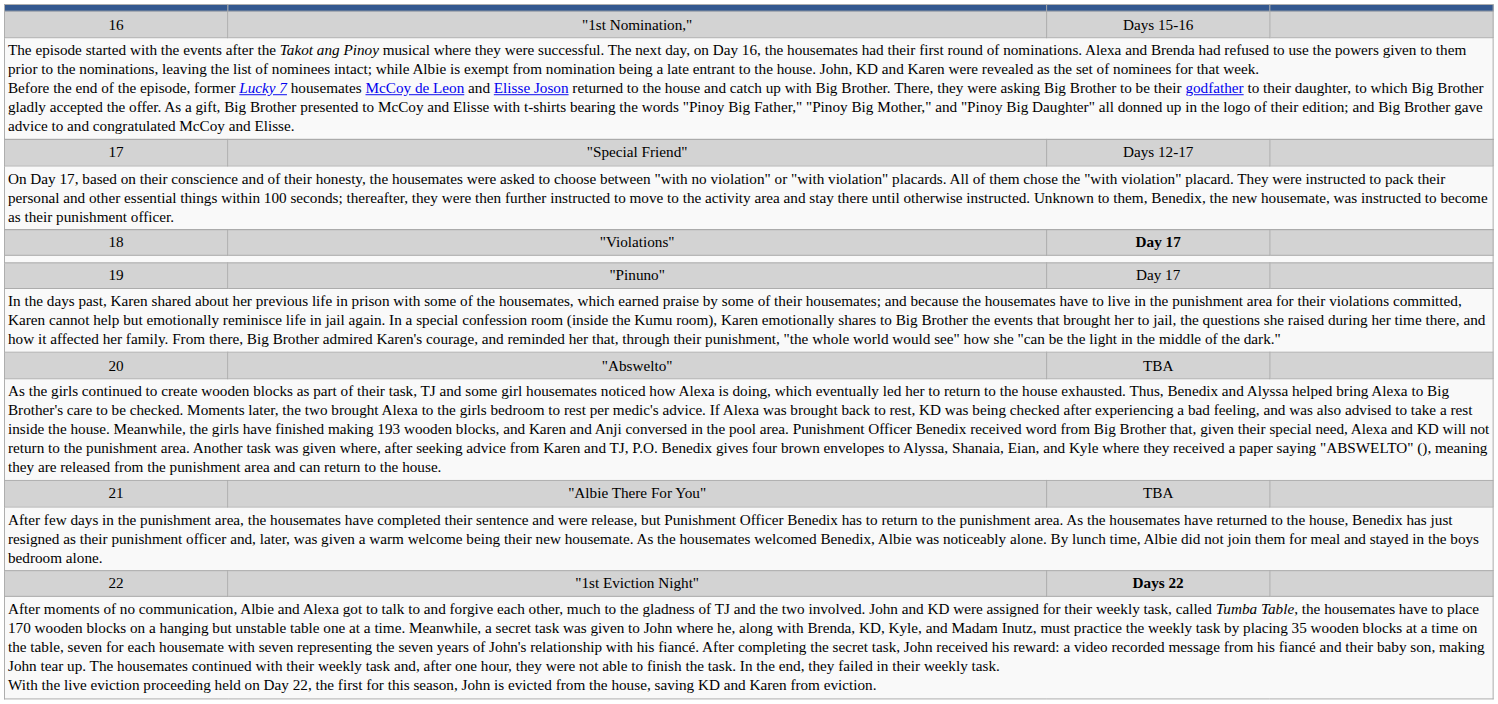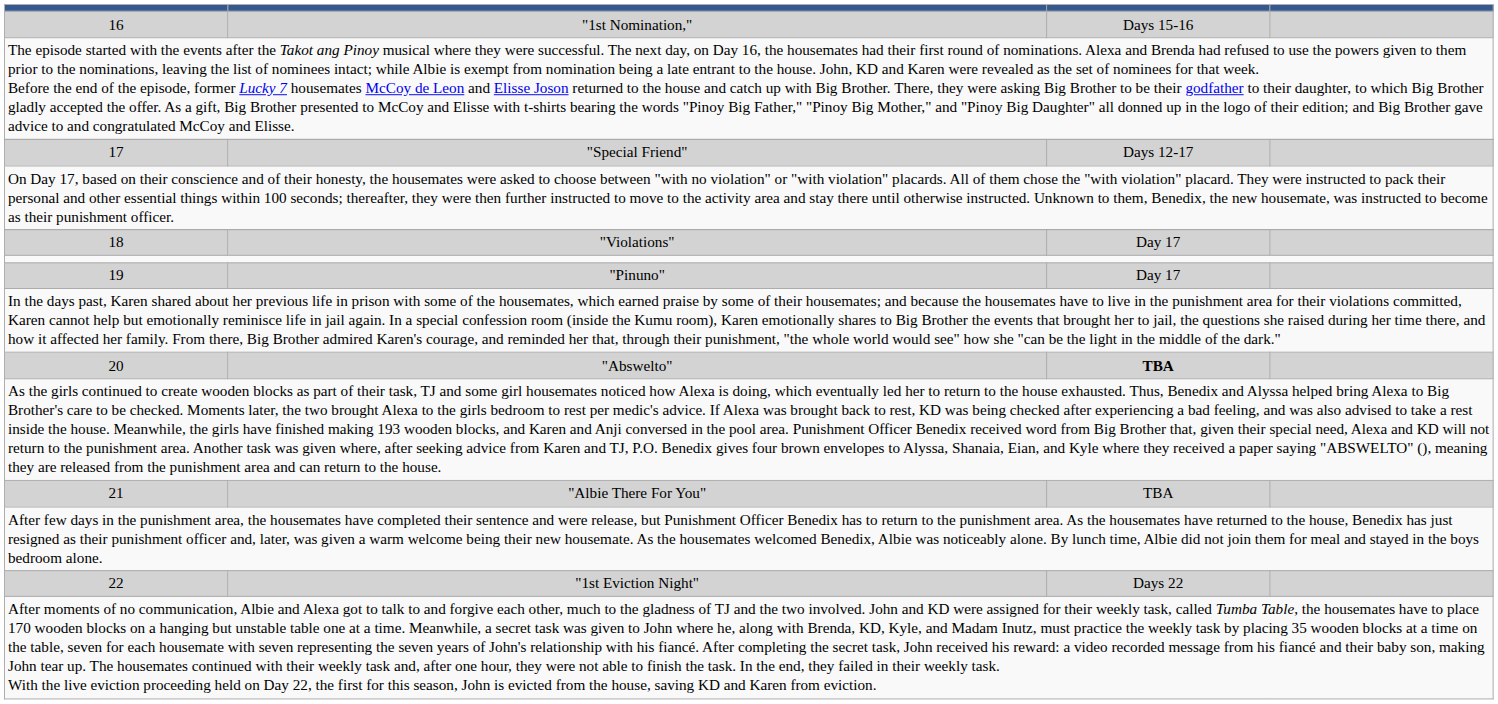 <table class="wikitable sortable" style="font-size:100%; line-height:20px; text-align:center">
 <tr>
 <th width="15%" style="background:#34588F"></th>
 <th width="55%" style="background:#34588F"></th>
 <th width="15%" style="background:#34588F"></th>
 <th width="15%" style="background:#34588F"></th>
 </tr>
 <tr style="background:lightgrey;">
 <td>16</td>
 <td>"1st Nomination,"</td>
 <td>Days 15-16</td>
 <td></td>
 </tr>
 <tr>
 <td colspan="4" align="left">The episode started with the events after the <em>Takot ang Pinoy</em> musical where they were successful. The next day, on Day 16, the housemates had their first round of nominations. Alexa and Brenda had refused to use the powers given to them prior to the nominations, leaving the list of nominees intact; while Albie is exempt from nomination being a late entrant to the house. John, KD and Karen were revealed as the set of nominees for that week.<br>Before the end of the episode, former <em><a href='#'>Lucky 7</a></em> housemates <a href='#'>McCoy de Leon</a> and <a href='#'>Elisse Joson</a> returned to the house and catch up with Big Brother. There, they were asking Big Brother to be their <a href='#'>godfather</a> to their daughter, to which Big Brother gladly accepted the offer. As a gift, Big Brother presented to McCoy and Elisse with t-shirts bearing the words "Pinoy Big Father," "Pinoy Big Mother," and "Pinoy Big Daughter" all donned up in the logo of their edition; and Big Brother gave advice to and congratulated McCoy and Elisse.</td>
 </tr>
 <tr>
 </tr>
 <tr style="background:lightgrey;">
 <td>17</td>
 <td>"Special Friend"</td>
 <td>Days 12-17</td>
 <td></td>
 </tr>
 <tr>
 <td colspan="4" align="left">On Day 17, based on their conscience and of their honesty, the housemates were asked to choose between "with no violation" or "with violation" placards. All of them chose the "with violation" placard. They were instructed to pack their personal and other essential things within 100 seconds; thereafter, they were then further instructed to move to the activity area and stay there until otherwise instructed. Unknown to them, Benedix, the new housemate, was instructed to become as their punishment officer.</td>
 </tr>
 <tr>
 </tr>
 <tr style="background:lightgrey;">
 <td>18</td>
 <td>"Violations"</td>
-<td><strong>Day 17</strong></td>
+<td>Day 17</td>
 <td></td>
 </tr>
 <tr>
 <td colspan="4" align="left"></td>
 </tr>
 <tr style="background:lightgrey;">
 <td>19</td>
 <td>"Pinuno"</td>
 <td>Day 17</td>
 <td></td>
 </tr>
 <tr>
 <td colspan="4" align="left">In the days past, Karen shared about her previous life in prison with some of the housemates, which earned praise by some of their housemates; and because the housemates have to live in the punishment area for their violations committed, Karen cannot help but emotionally reminisce life in jail again. In a special confession room (inside the Kumu room), Karen emotionally shares to Big Brother the events that brought her to jail, the questions she raised during her time there, and how it affected her family. From there, Big Brother admired Karen's courage, and reminded her that, through their punishment, "the whole world would see" how she "can be the light in the middle of the dark."</td>
 </tr>
 <tr style="background:lightgrey;">
 <td>20</td>
 <td>"Abswelto"</td>
-<td>TBA</td>
+<td><strong>TBA</strong></td>
 <td></td>
 </tr>
 <tr>
 <td colspan="4" align="left">As the girls continued to create wooden blocks as part of their task, TJ and some girl housemates noticed how Alexa is doing, which eventually led her to return to the house exhausted. Thus, Benedix and Alyssa helped bring Alexa to  Big Brother's care to be checked. Moments later, the two brought Alexa to the girls bedroom to rest per medic's advice. If Alexa was brought back to rest, KD was being checked after experiencing a bad feeling, and was also advised to take a rest inside the house. Meanwhile, the girls have finished making 193 wooden blocks, and Karen and Anji conversed in the pool area. Punishment Officer Benedix received word from Big Brother that, given their special need, Alexa and KD will not return to the punishment area. Another task was given where, after seeking advice from Karen and TJ, P.O. Benedix gives four brown envelopes to Alyssa, Shanaia, Eian, and Kyle where they received a paper saying "ABSWELTO" (), meaning they are released from the punishment area and can return to the house.</td>
 </tr>
 <tr style="background:lightgrey;">
 <td>21</td>
 <td>"Albie There For You"</td>
 <td>TBA</td>
 <td></td>
 </tr>
 <tr>
 <td colspan="4" align="left">After few days in the punishment area, the housemates have completed their sentence and were release, but Punishment Officer Benedix has to return to the punishment area. As the housemates have returned to the house, Benedix has just resigned as their punishment officer and, later, was given a warm welcome being their new housemate. As the housemates welcomed Benedix, Albie was noticeably alone. By lunch time, Albie did not join them for meal and stayed in the boys bedroom alone.</td>
 </tr>
 <tr style="background:lightgrey;">
 <td>22</td>
 <td>"1st Eviction Night"</td>
-<td><strong>Days 22</strong></td>
+<td>Days 22</td>
 <td></td>
 </tr>
 <tr>
 <td colspan="4" align="left">After moments of no communication, Albie and Alexa got to talk to and forgive each other, much to the gladness of TJ and the two involved. John and KD were assigned for their weekly task, called <em>Tumba Table</em>, the housemates have to place 170 wooden blocks on a hanging but unstable table one at a time. Meanwhile, a secret task was given to John where he, along with Brenda, KD, Kyle, and Madam Inutz, must practice the weekly task by placing 35 wooden blocks at a time on the table, seven for each housemate with seven representing the seven years of John's relationship with his fiancé. After completing the secret task, John received his reward: a video recorded message from his fiancé and their baby son, making John tear up. The housemates continued with their weekly task and, after one hour, they were not able to finish the task. In the end, they failed in their weekly task.<br>With the live eviction proceeding held on Day 22, the first for this season, John is evicted from the house, saving KD and Karen from eviction.</td>
 </tr>
 </table>
